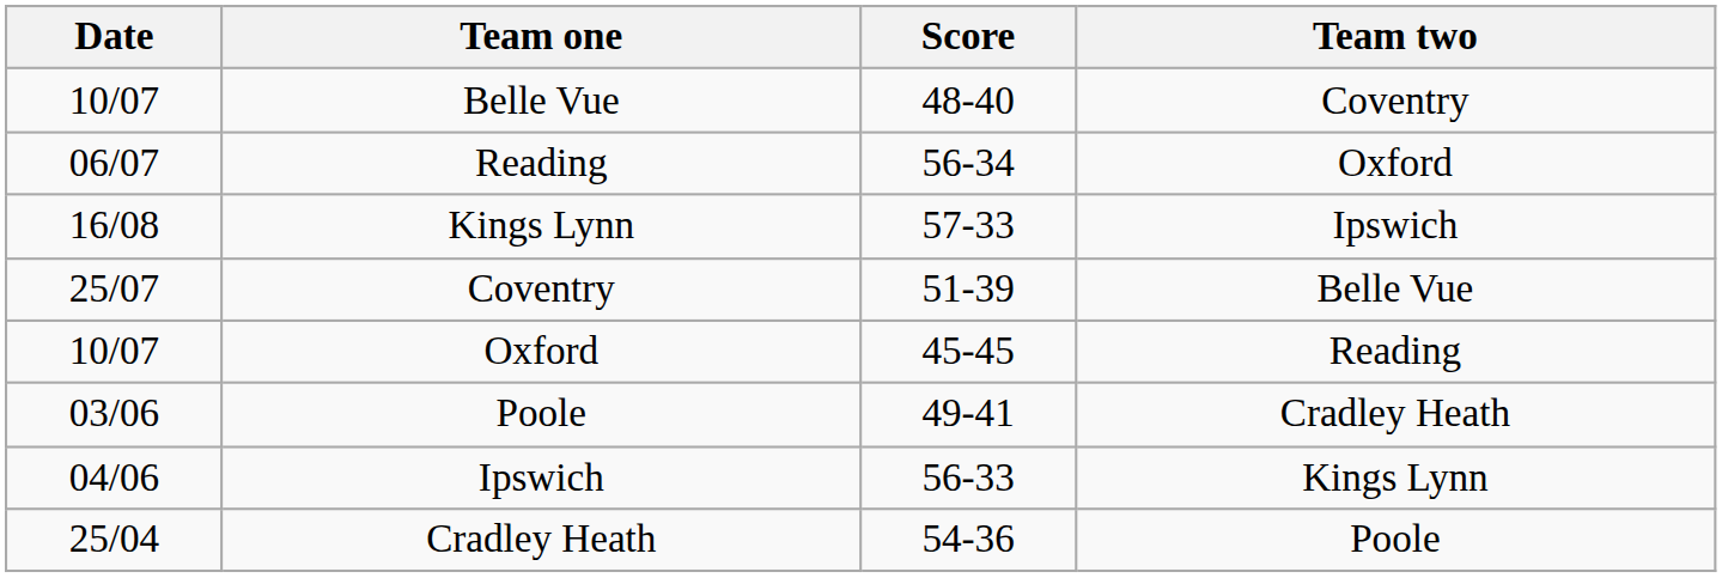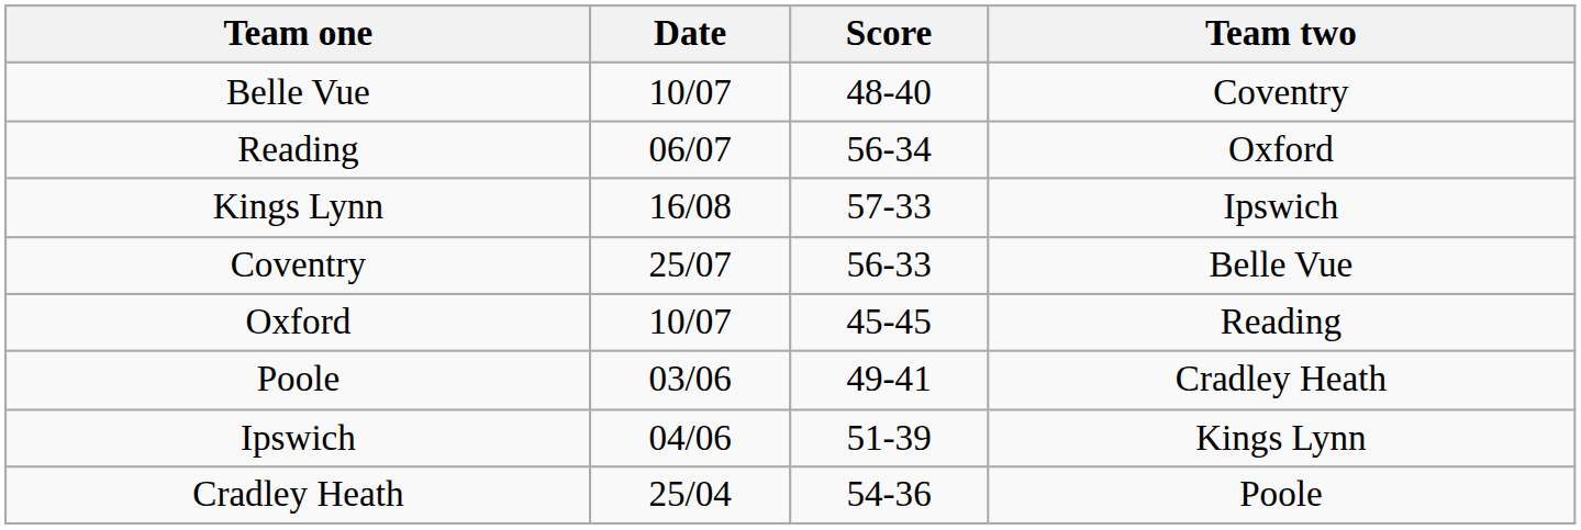 <table class="wikitable" style="text-align: center">
 <tr>
+<th width=250>Team one</th>
 <th width=80>Date</th>
-<th width=250>Team one</th>
 <th width=80>Score</th>
 <th width=250>Team two</th>
 </tr>
 <tr>
+<td>Belle Vue</td>
 <td>10/07</td>
-<td>Belle Vue</td>
 <td>48-40</td>
 <td>Coventry</td>
 </tr>
 <tr>
+<td>Reading</td>
 <td>06/07</td>
-<td>Reading</td>
 <td>56-34</td>
 <td>Oxford</td>
 </tr>
 <tr>
+<td>Kings Lynn</td>
 <td>16/08</td>
-<td>Kings Lynn</td>
 <td>57-33</td>
 <td>Ipswich</td>
 </tr>
 <tr>
+<td>Coventry</td>
 <td>25/07</td>
-<td>Coventry</td>
-<td>51-39</td>
+<td>56-33</td>
 <td>Belle Vue</td>
 </tr>
 <tr>
+<td>Oxford</td>
 <td>10/07</td>
-<td>Oxford</td>
 <td>45-45</td>
 <td>Reading</td>
 </tr>
 <tr>
+<td>Poole</td>
 <td>03/06</td>
-<td>Poole</td>
 <td>49-41</td>
 <td>Cradley Heath</td>
 </tr>
 <tr>
+<td>Ipswich</td>
 <td>04/06</td>
-<td>Ipswich</td>
-<td>56-33</td>
+<td>51-39</td>
 <td>Kings Lynn</td>
 </tr>
 <tr>
+<td>Cradley Heath</td>
 <td>25/04</td>
-<td>Cradley Heath</td>
 <td>54-36</td>
 <td>Poole</td>
 </tr>
 </table>
